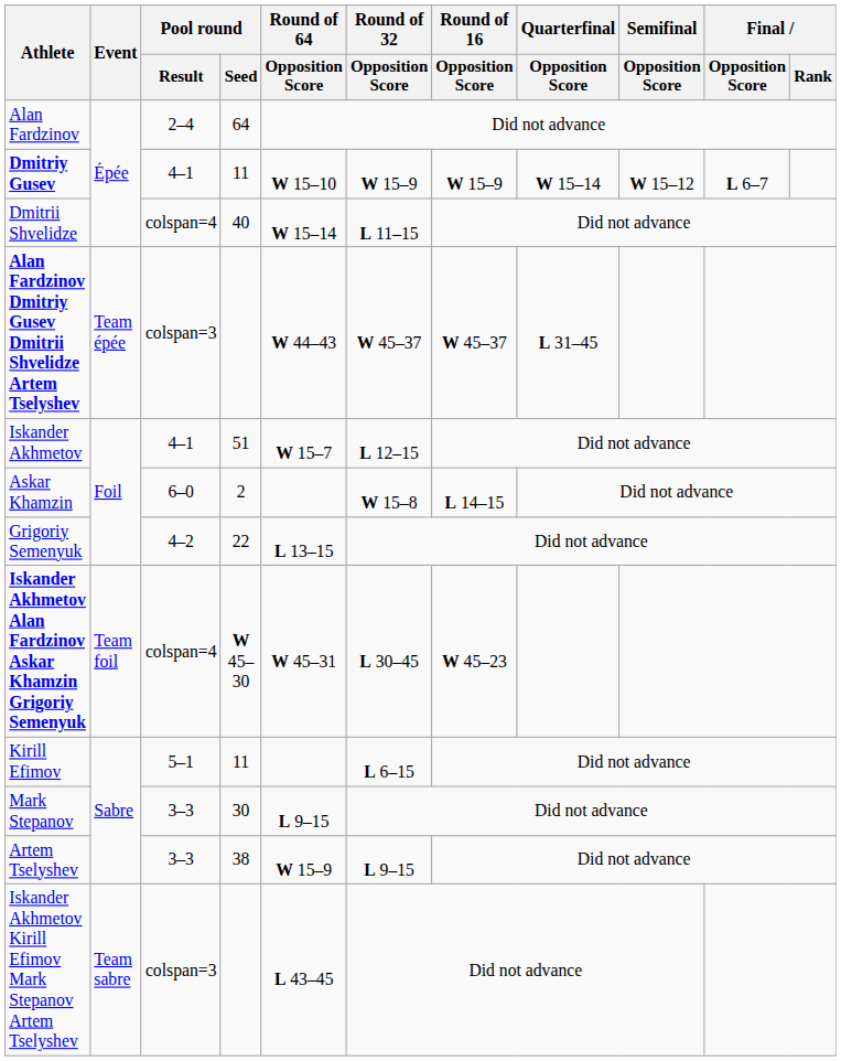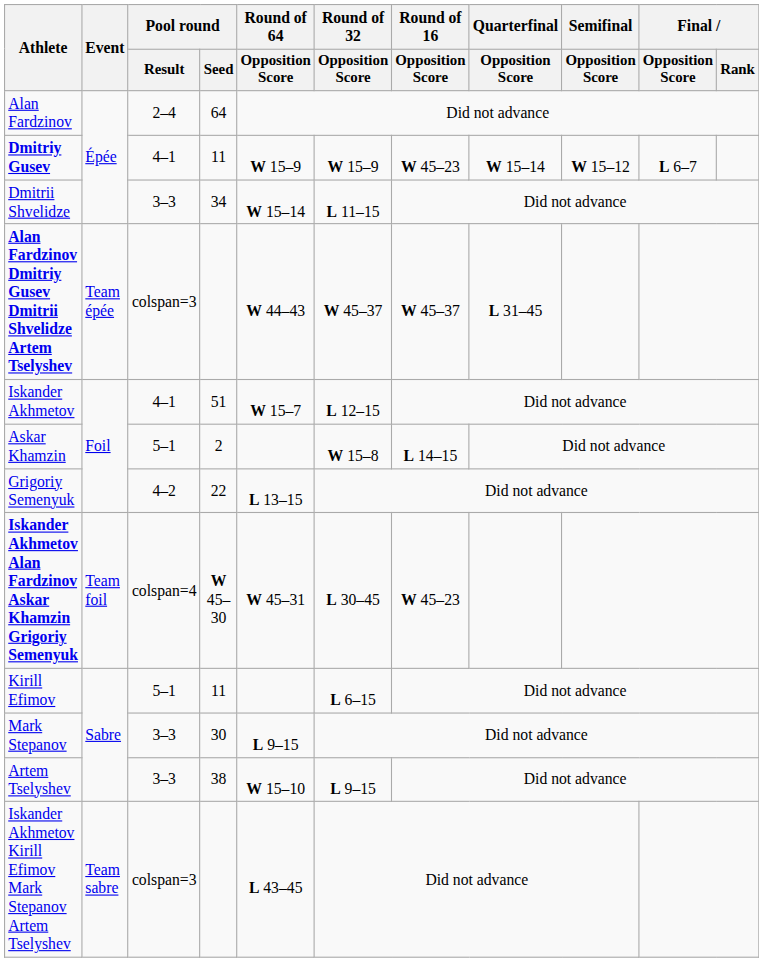 <table class="wikitable" style="text-align:center; font-size:90%">
 <tr>
 <th rowspan=2>Athlete</th>
 <th rowspan=2>Event</th>
 <th colspan=2>Pool round</th>
 <th>Round of 64</th>
 <th>Round of 32</th>
 <th>Round of 16</th>
 <th>Quarterfinal</th>
 <th>Semifinal</th>
 <th colspan=2>Final / </th>
 </tr>
 <tr style="font-size:95%">
 <th>Result</th>
 <th>Seed</th>
 <th>Opposition<br>Score</th>
 <th>Opposition<br>Score</th>
 <th>Opposition<br>Score</th>
 <th>Opposition<br>Score</th>
 <th>Opposition<br>Score</th>
 <th>Opposition<br>Score</th>
 <th>Rank</th>
 </tr>
 <tr>
 <td align=left><a href='#'>Alan Fardzinov</a></td>
 <td rowspan=3 align=left><a href='#'>Épée</a></td>
 <td>2–4</td>
 <td>64</td>
 <td colspan=7>Did not advance</td>
 </tr>
 <tr>
 <td align=left><strong><a href='#'>Dmitriy Gusev</a></strong></td>
 <td>4–1</td>
 <td>11</td>
-<td><br><strong>W</strong> 15–10</td>
 <td><br><strong>W</strong> 15–9</td>
 <td><br><strong>W</strong> 15–9</td>
+<td><br><strong>W</strong> 45–23</td>
 <td><br><strong>W</strong> 15–14</td>
 <td><br><strong>W</strong> 15–12</td>
 <td><br><strong>L</strong> 6–7</td>
 <td></td>
 </tr>
 <tr>
 <td align=left><a href='#'>Dmitrii Shvelidze</a></td>
-<td>colspan=4 </td>
-<td>40</td>
+<td>3–3</td>
+<td>34</td>
 <td><br><strong>W</strong> 15–14</td>
 <td><br><strong>L</strong> 11–15</td>
 <td colspan=5>Did not advance</td>
 </tr>
 <tr>
 <td align=left><strong><a href='#'>Alan Fardzinov</a><br><a href='#'>Dmitriy Gusev</a><br><a href='#'>Dmitrii Shvelidze</a><br><a href='#'>Artem Tselyshev</a></strong></td>
 <td align=left><a href='#'>Team épée</a></td>
 <td>colspan=3 </td>
 <td></td>
 <td><br><strong>W</strong> 44–43</td>
 <td><br><strong>W</strong> 45–37</td>
 <td><br><strong>W</strong> 45–37</td>
 <td><br><strong>L</strong> 31–45</td>
 <td></td>
 </tr>
 <tr>
 <td align=left><a href='#'>Iskander Akhmetov</a></td>
 <td rowspan=3 align=left><a href='#'>Foil</a></td>
 <td>4–1</td>
 <td>51</td>
 <td><br><strong>W</strong> 15–7</td>
 <td><br><strong>L</strong> 12–15</td>
 <td colspan=5>Did not advance</td>
 </tr>
 <tr>
 <td align=left><a href='#'>Askar Khamzin</a></td>
-<td>6–0</td>
+<td>5–1</td>
 <td>2</td>
 <td></td>
 <td><br><strong>W</strong> 15–8</td>
 <td><br><strong>L</strong> 14–15</td>
 <td colspan=4>Did not advance</td>
 </tr>
 <tr>
 <td align=left><a href='#'>Grigoriy Semenyuk</a></td>
 <td>4–2</td>
 <td>22</td>
 <td><br><strong>L</strong> 13–15</td>
 <td colspan=6>Did not advance</td>
 </tr>
 <tr>
 <td align=left><strong><a href='#'>Iskander Akhmetov</a><br><a href='#'>Alan Fardzinov</a><br><a href='#'>Askar Khamzin</a><br><a href='#'>Grigoriy Semenyuk</a></strong></td>
 <td align=left><a href='#'>Team foil</a></td>
 <td>colspan=4 </td>
 <td><br><strong>W</strong> 45–30</td>
 <td><br><strong>W</strong> 45–31</td>
 <td><br><strong>L</strong> 30–45</td>
 <td><br><strong>W</strong> 45–23</td>
 <td></td>
 </tr>
 <tr>
 <td align=left><a href='#'>Kirill Efimov</a></td>
 <td rowspan=3 align=left><a href='#'>Sabre</a></td>
 <td>5–1</td>
 <td>11</td>
 <td></td>
 <td><br><strong>L</strong> 6–15</td>
 <td colspan=5>Did not advance</td>
 </tr>
 <tr>
 <td align=left><a href='#'>Mark Stepanov</a></td>
 <td>3–3</td>
 <td>30</td>
 <td><br><strong>L</strong> 9–15</td>
 <td colspan=6>Did not advance</td>
 </tr>
 <tr>
 <td align=left><a href='#'>Artem Tselyshev</a></td>
 <td>3–3</td>
 <td>38</td>
-<td><br><strong>W</strong> 15–9</td>
+<td><br><strong>W</strong> 15–10</td>
 <td><br><strong>L</strong> 9–15</td>
 <td colspan=5>Did not advance</td>
 </tr>
 <tr>
 <td align=left><a href='#'>Iskander Akhmetov</a><br><a href='#'>Kirill Efimov</a><br><a href='#'>Mark Stepanov</a><br><a href='#'>Artem Tselyshev</a></td>
 <td align=left><a href='#'>Team sabre</a></td>
 <td>colspan=3 </td>
 <td></td>
 <td><br><strong>L</strong> 43–45</td>
 <td colspan=4>Did not advance</td>
 </tr>
 </table>
